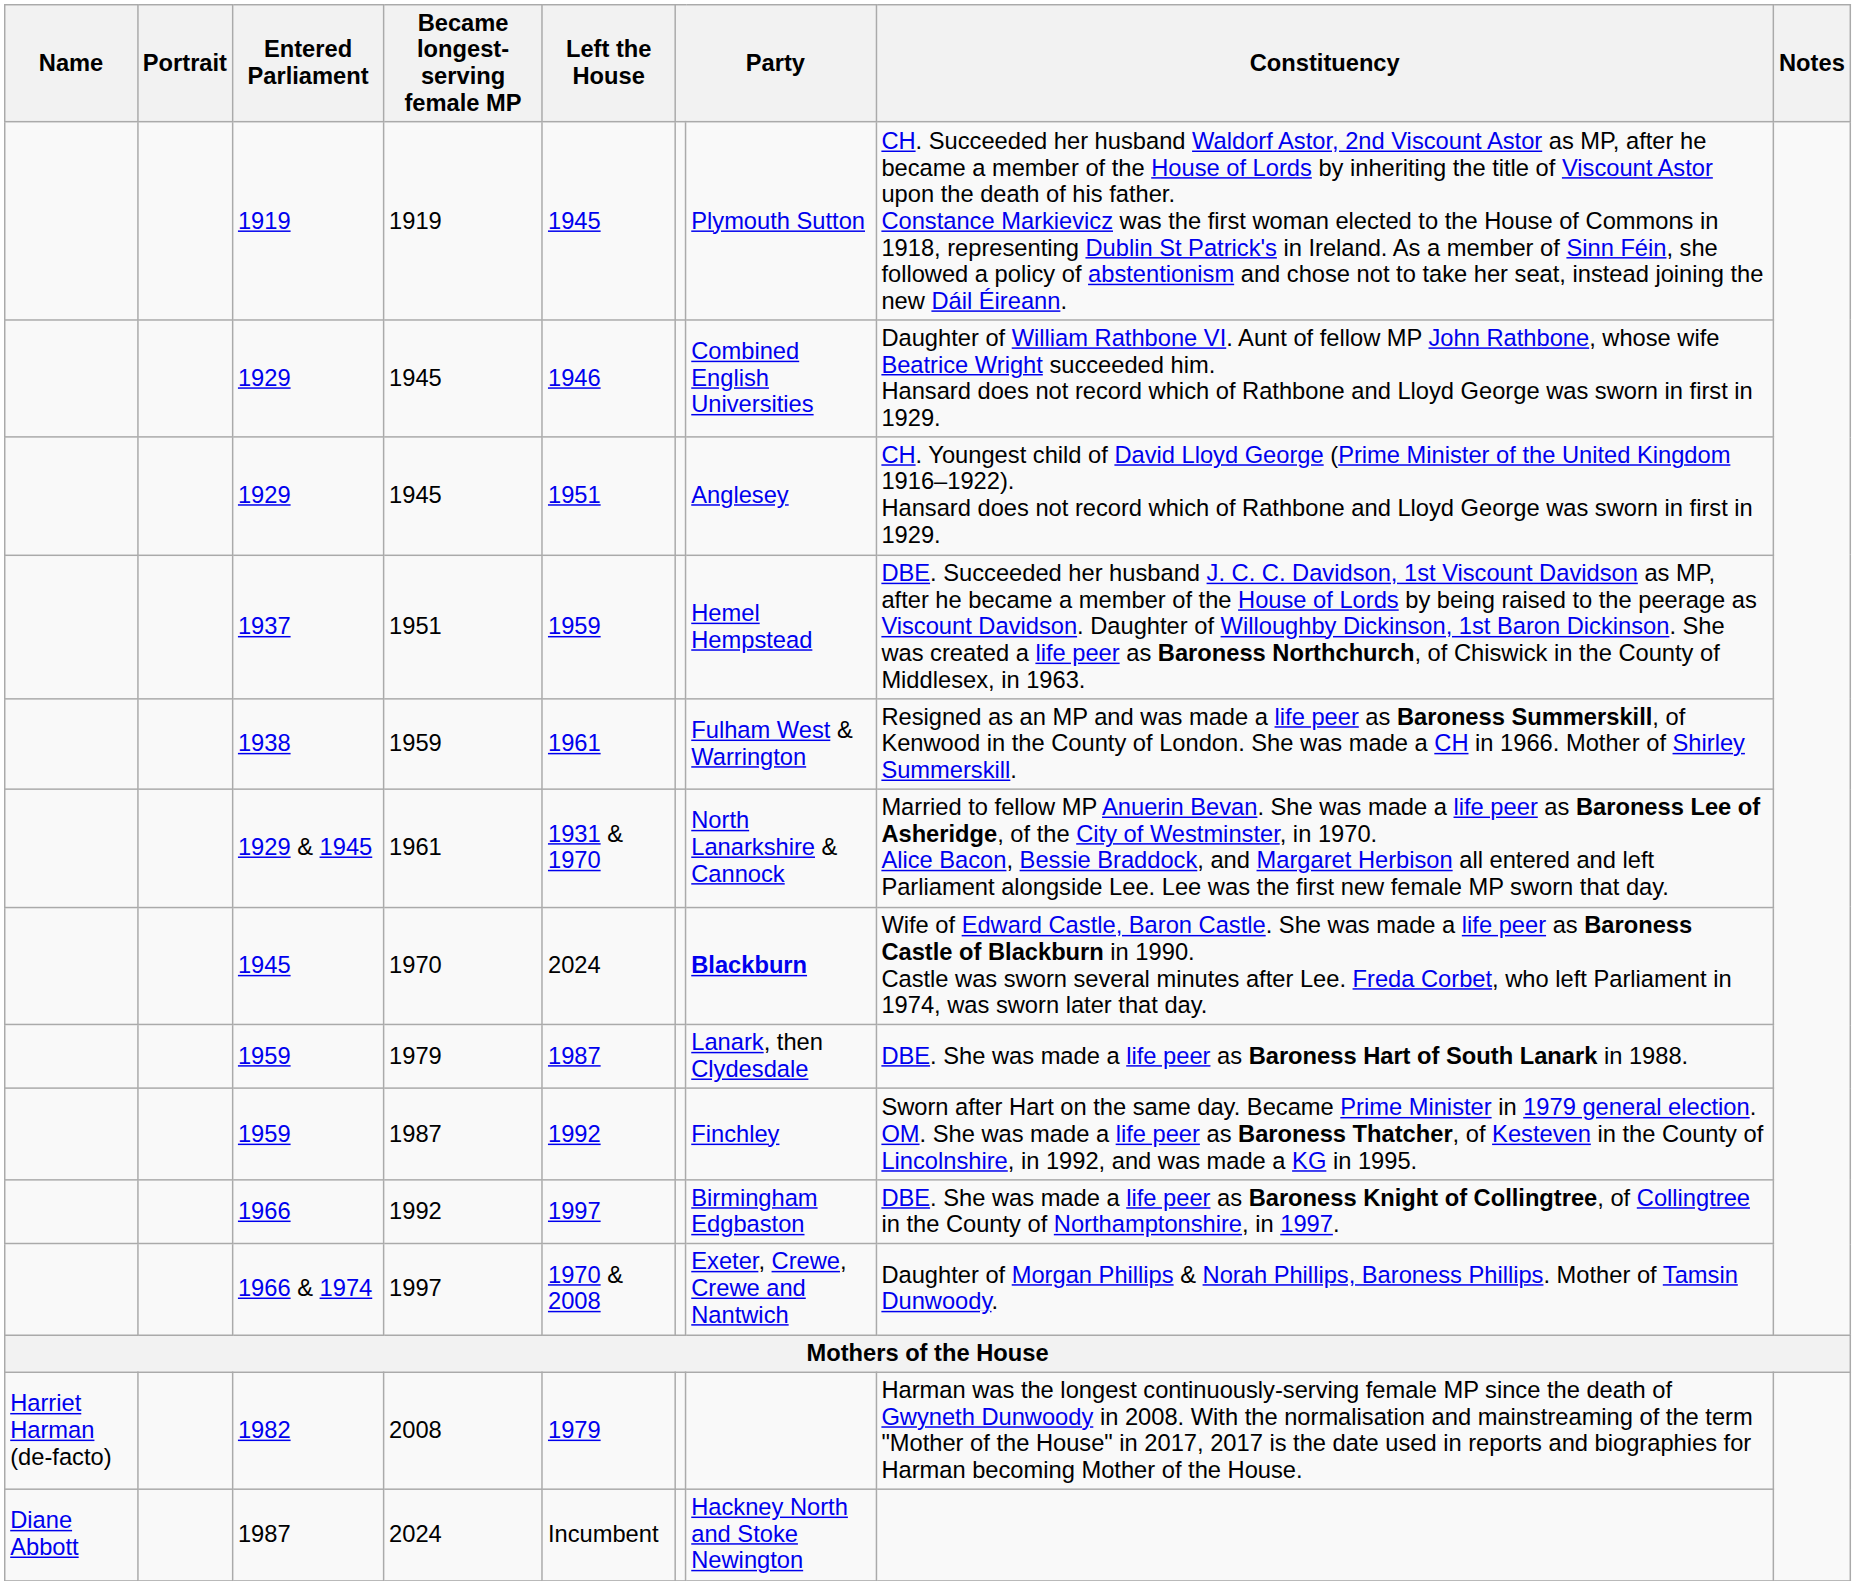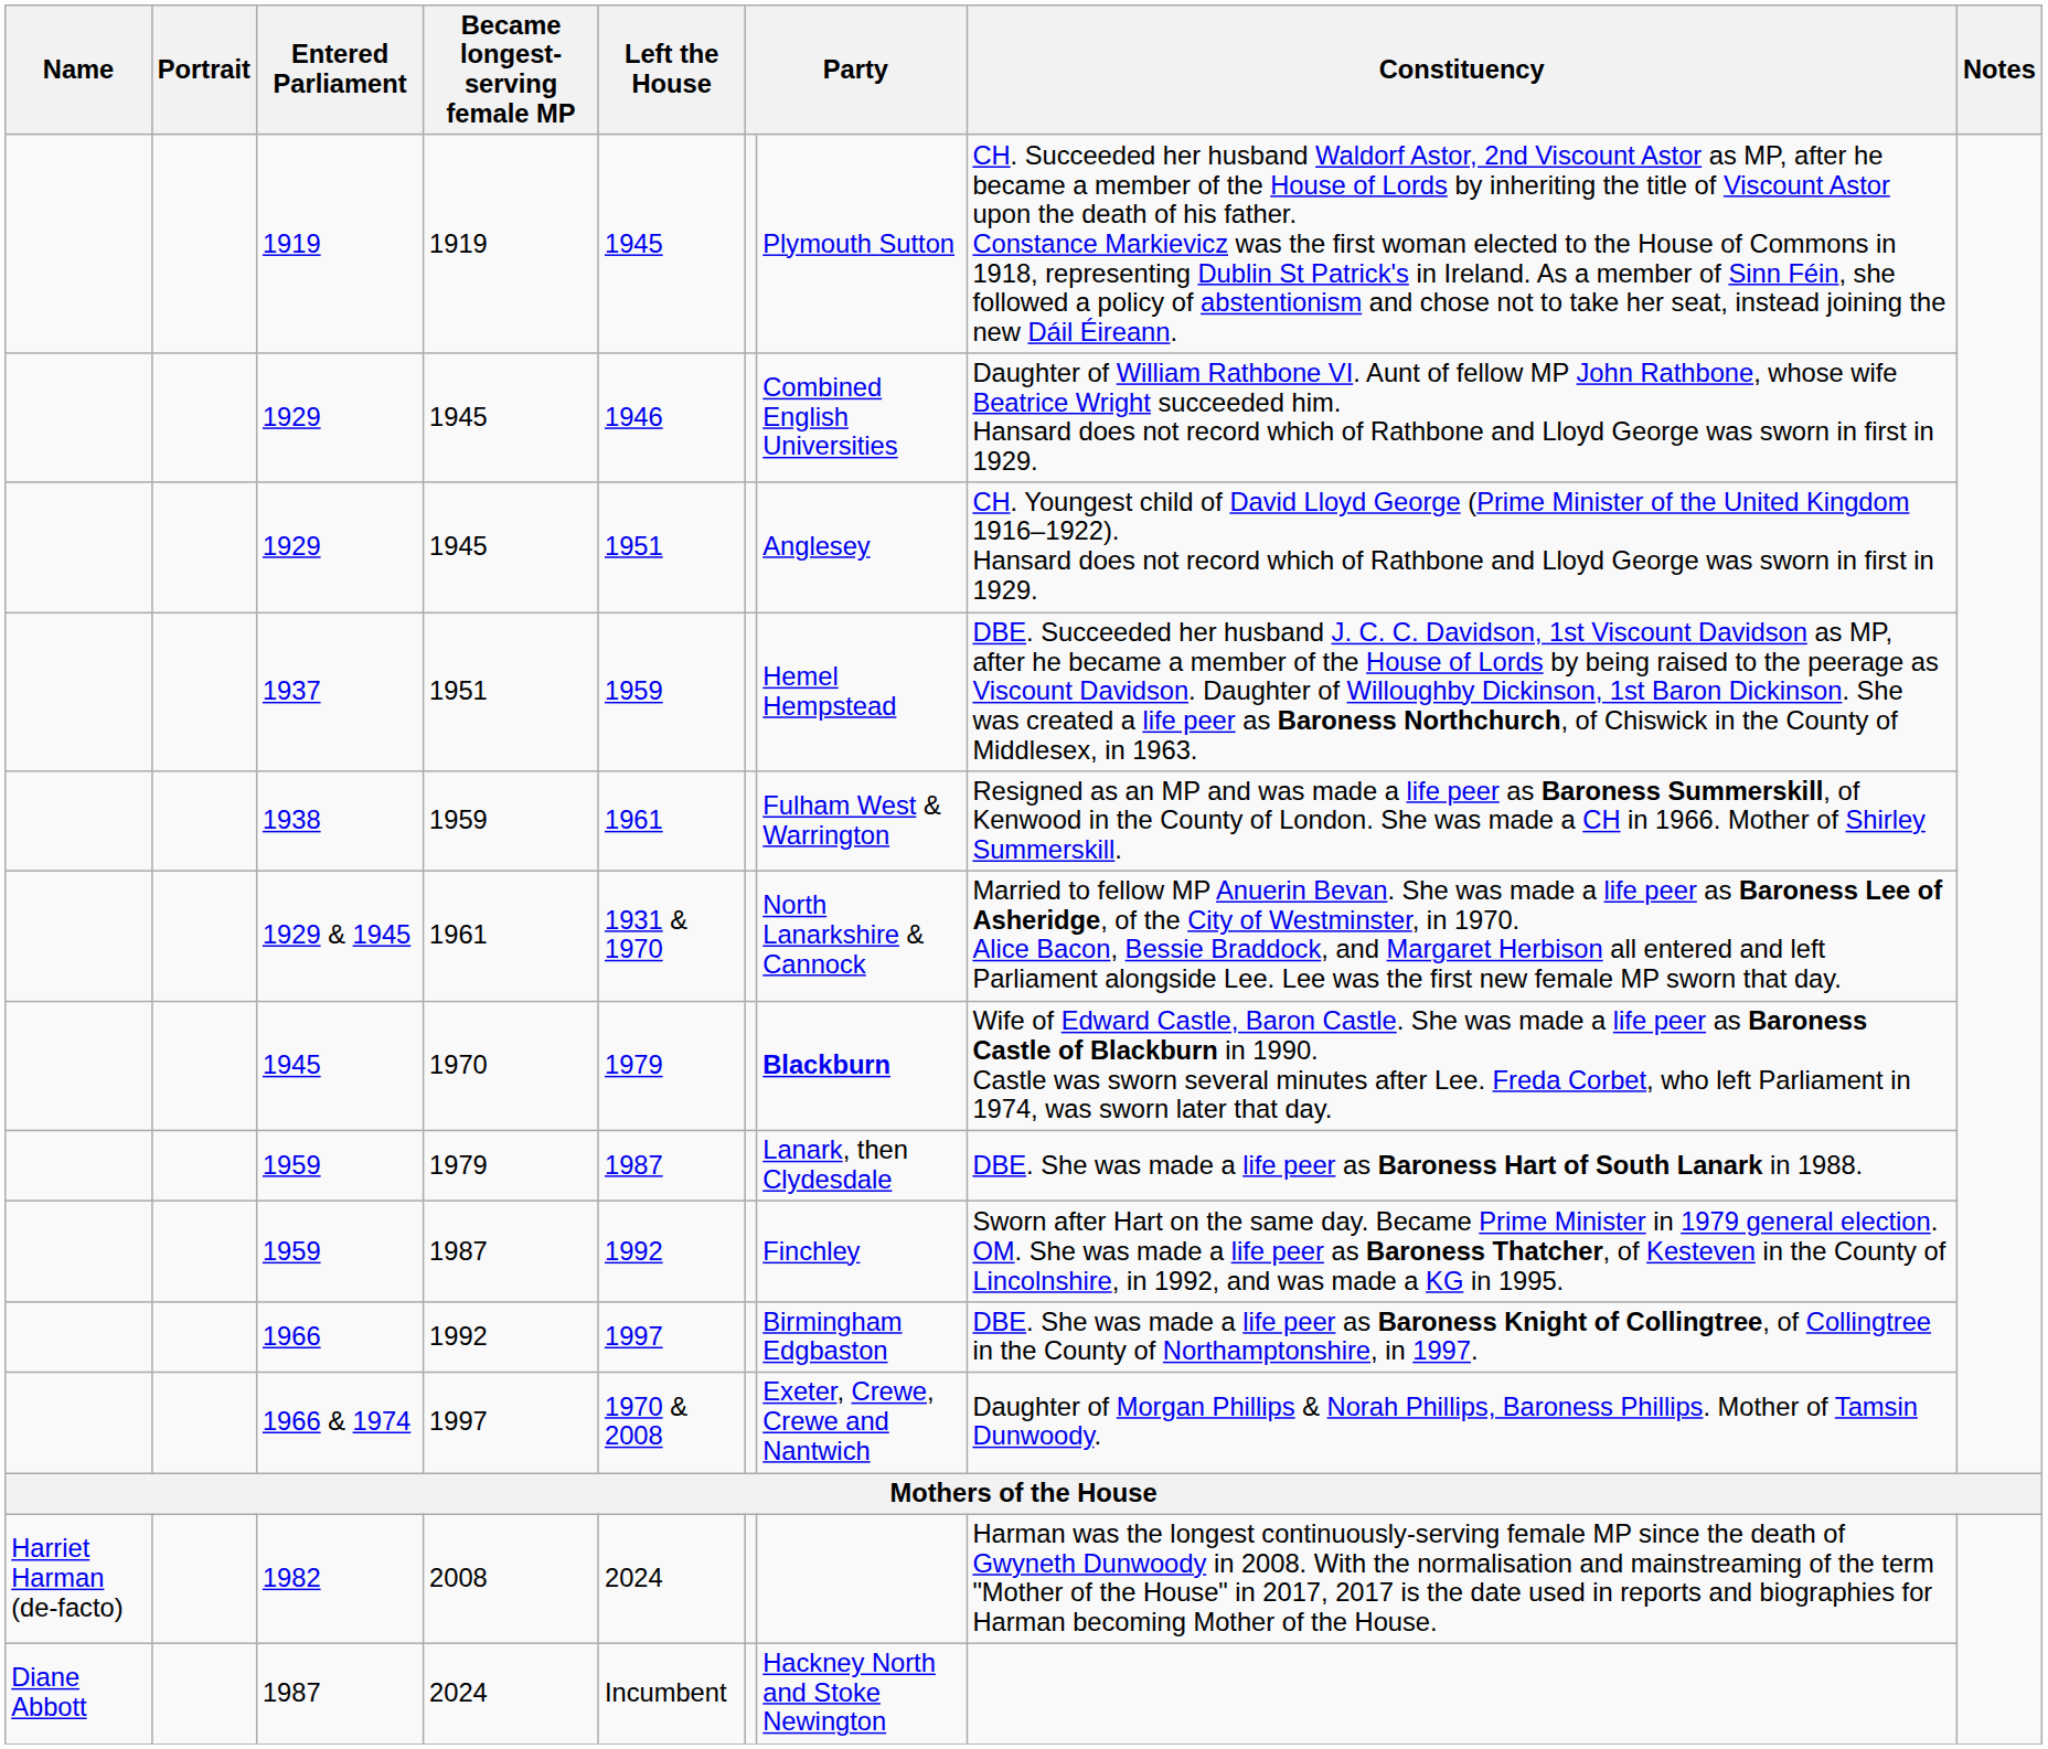 <table class="wikitable">
 <tr>
 <th>Name</th>
 <th>Portrait</th>
 <th>Entered Parliament</th>
 <th width=100pt>Became longest-serving female MP</th>
 <th>Left the House</th>
 <th colspan=2>Party</th>
 <th>Constituency</th>
 <th>Notes</th>
 </tr>
 <tr>
 <td></td>
 <td></td>
 <td><a href='#'>1919</a></td>
 <td>1919</td>
 <td><a href='#'>1945</a></td>
 <td></td>
 <td><a href='#'>Plymouth Sutton</a></td>
 <td><a href='#'>CH</a>. Succeeded her husband <a href='#'>Waldorf Astor, 2nd Viscount Astor</a> as MP, after he became a member of the <a href='#'>House of Lords</a> by inheriting the title of <a href='#'>Viscount Astor</a> upon the death of his father.<br><a href='#'>Constance Markievicz</a> was the first woman elected to the House of Commons in 1918, representing <a href='#'>Dublin St Patrick's</a> in Ireland. As a member of <a href='#'>Sinn Féin</a>, she followed a policy of <a href='#'>abstentionism</a> and chose not to take her seat, instead joining the new <a href='#'>Dáil Éireann</a>.</td>
 </tr>
 <tr>
 <td></td>
 <td></td>
 <td><a href='#'>1929</a></td>
 <td>1945</td>
 <td><a href='#'>1946</a></td>
 <td></td>
 <td><a href='#'>Combined English Universities</a></td>
 <td>Daughter of <a href='#'>William Rathbone VI</a>. Aunt of fellow MP <a href='#'>John Rathbone</a>, whose wife <a href='#'>Beatrice Wright</a> succeeded him.<br>Hansard does not record which of Rathbone and Lloyd George was sworn in first in 1929.</td>
 </tr>
 <tr>
 <td></td>
 <td></td>
 <td><a href='#'>1929</a></td>
 <td>1945</td>
 <td><a href='#'>1951</a></td>
 <td></td>
 <td><a href='#'>Anglesey</a></td>
 <td><a href='#'>CH</a>. Youngest child of <a href='#'>David Lloyd George</a> (<a href='#'>Prime Minister of the United Kingdom</a> 1916–1922).<br>Hansard does not record which of Rathbone and Lloyd George was sworn in first in 1929.</td>
 </tr>
 <tr>
 <td></td>
 <td></td>
 <td><a href='#'>1937</a></td>
 <td>1951</td>
 <td><a href='#'>1959</a></td>
 <td></td>
 <td><a href='#'>Hemel Hempstead</a></td>
 <td><a href='#'>DBE</a>. Succeeded her husband <a href='#'>J. C. C. Davidson, 1st Viscount Davidson</a> as MP, after he became a member of the <a href='#'>House of Lords</a> by being raised to the peerage as <a href='#'>Viscount Davidson</a>. Daughter of <a href='#'>Willoughby Dickinson, 1st Baron Dickinson</a>. She was created a <a href='#'>life peer</a> as <strong>Baroness Northchurch</strong>, of Chiswick in the County of Middlesex, in 1963.</td>
 </tr>
 <tr>
 <td></td>
 <td></td>
 <td><a href='#'>1938</a></td>
 <td>1959</td>
 <td><a href='#'>1961</a></td>
 <td></td>
 <td><a href='#'>Fulham West</a> & <a href='#'>Warrington</a></td>
 <td>Resigned as an MP and was made a <a href='#'>life peer</a> as <strong>Baroness Summerskill</strong>, of Kenwood in the County of London. She was made a <a href='#'>CH</a> in 1966. Mother of <a href='#'>Shirley Summerskill</a>.</td>
 </tr>
 <tr>
 <td></td>
 <td></td>
 <td><a href='#'>1929</a> & <a href='#'>1945</a></td>
 <td>1961</td>
 <td><a href='#'>1931</a> & <a href='#'>1970</a></td>
 <td></td>
 <td><a href='#'>North Lanarkshire</a> & <a href='#'>Cannock</a></td>
 <td>Married to fellow MP <a href='#'>Anuerin Bevan</a>. She was made a <a href='#'>life peer</a> as <strong>Baroness Lee of Asheridge</strong>, of the <a href='#'>City of Westminster</a>, in 1970.<br><a href='#'>Alice Bacon</a>, <a href='#'>Bessie Braddock</a>, and <a href='#'>Margaret Herbison</a> all entered and left Parliament alongside Lee. Lee was the first new female MP sworn that day.</td>
 </tr>
 <tr>
 <td></td>
 <td></td>
 <td><a href='#'>1945</a></td>
 <td>1970</td>
-<td>2024</td>
+<td><a href='#'>1979</a></td>
 <td></td>
 <td><strong><a href='#'>Blackburn</a></strong></td>
 <td>Wife of <a href='#'>Edward Castle, Baron Castle</a>. She was made a <a href='#'>life peer</a> as <strong>Baroness Castle of Blackburn</strong> in 1990.<br>Castle was sworn several minutes after Lee. <a href='#'>Freda Corbet</a>, who left Parliament in 1974, was sworn later that day.</td>
 </tr>
 <tr>
 <td></td>
 <td></td>
 <td><a href='#'>1959</a></td>
 <td>1979</td>
 <td><a href='#'>1987</a></td>
 <td></td>
 <td><a href='#'>Lanark</a>, then <a href='#'>Clydesdale</a></td>
 <td><a href='#'>DBE</a>. She was made a <a href='#'>life peer</a> as <strong>Baroness Hart of South Lanark</strong> in 1988.</td>
 </tr>
 <tr>
 <td></td>
 <td></td>
 <td><a href='#'>1959</a></td>
 <td>1987</td>
 <td><a href='#'>1992</a></td>
 <td></td>
 <td><a href='#'>Finchley</a></td>
 <td>Sworn after Hart on the same day. Became <a href='#'>Prime Minister</a> in <a href='#'>1979 general election</a>. <a href='#'>OM</a>. She was made a <a href='#'>life peer</a> as <strong>Baroness Thatcher</strong>, of <a href='#'>Kesteven</a> in the County of <a href='#'>Lincolnshire</a>, in 1992, and was made a <a href='#'>KG</a> in 1995.</td>
 </tr>
 <tr>
 <td></td>
 <td></td>
 <td><a href='#'>1966</a></td>
 <td>1992</td>
 <td><a href='#'>1997</a></td>
 <td></td>
 <td><a href='#'>Birmingham Edgbaston</a></td>
 <td><a href='#'>DBE</a>. She was made a <a href='#'>life peer</a> as <strong>Baroness Knight of Collingtree</strong>, of <a href='#'>Collingtree</a> in the County of <a href='#'>Northamptonshire</a>, in <a href='#'>1997</a>.</td>
 </tr>
 <tr>
 <td></td>
 <td></td>
 <td><a href='#'>1966</a> & <a href='#'>1974</a></td>
 <td>1997</td>
 <td><a href='#'>1970</a> & <a href='#'>2008</a></td>
 <td></td>
 <td><a href='#'>Exeter</a>, <a href='#'>Crewe</a>, <a href='#'>Crewe and Nantwich</a></td>
 <td>Daughter of <a href='#'>Morgan Phillips</a> & <a href='#'>Norah Phillips, Baroness Phillips</a>. Mother of <a href='#'>Tamsin Dunwoody</a>.</td>
 </tr>
 <tr>
 <th colspan=9>Mothers of the House</th>
 </tr>
 <tr>
 <td><a href='#'>Harriet Harman</a> (de-facto)</td>
 <td></td>
 <td><a href='#'>1982</a></td>
 <td>2008</td>
-<td><a href='#'>1979</a></td>
+<td>2024</td>
 <td></td>
 <td></td>
 <td>Harman was the longest continuously-serving female MP since the death of <a href='#'>Gwyneth Dunwoody</a> in 2008. With the normalisation and mainstreaming of the term "Mother of the House" in 2017, 2017 is the date used in reports and biographies for Harman becoming Mother of the House.</td>
 </tr>
 <tr>
 <td><a href='#'>Diane Abbott</a></td>
 <td></td>
 <td>1987</td>
 <td>2024</td>
 <td>Incumbent</td>
 <td></td>
 <td><a href='#'>Hackney North and Stoke Newington</a></td>
 <td></td>
 </tr>
 </table>
